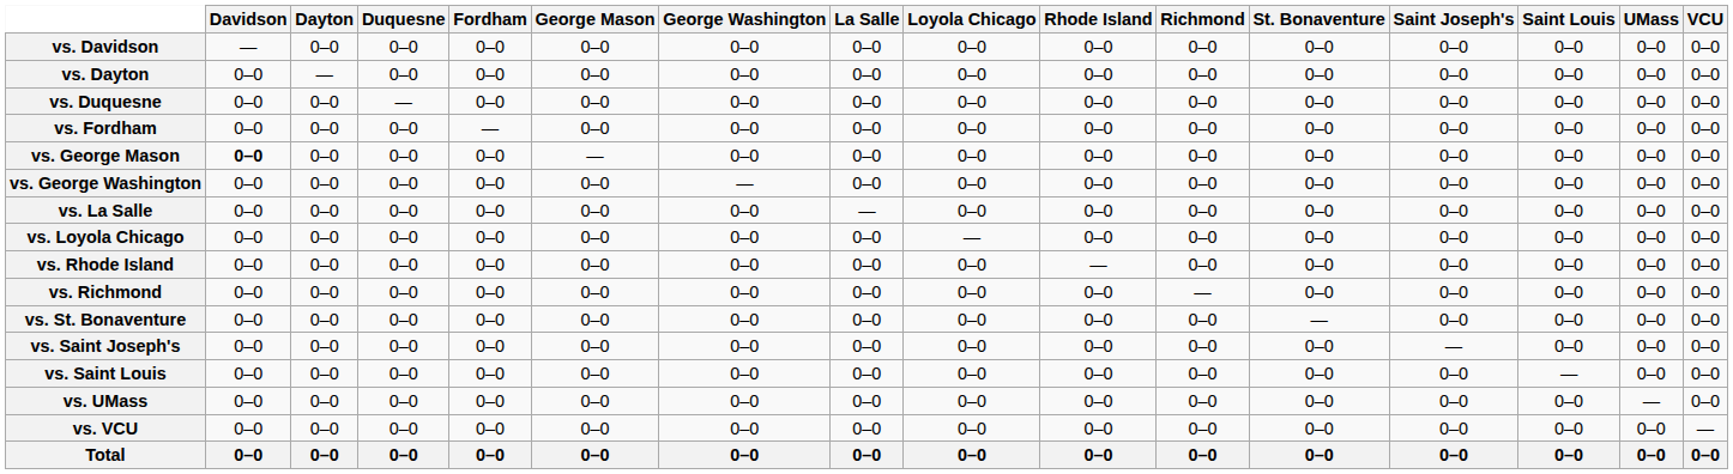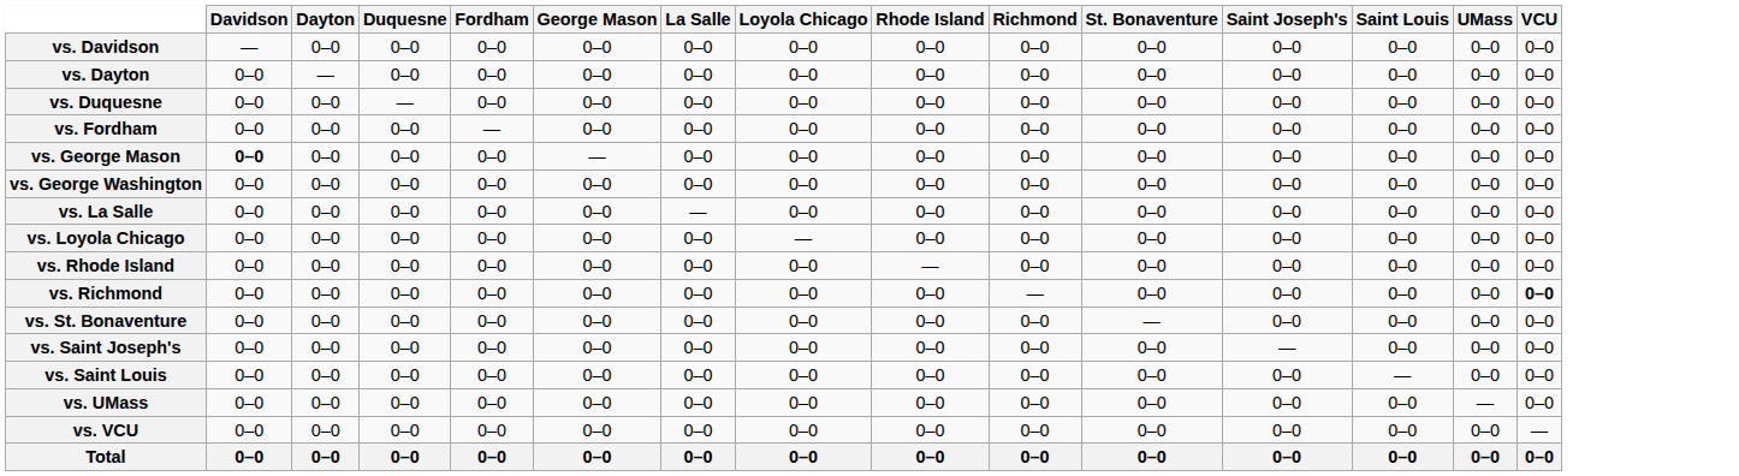 <table class="wikitable" style="white-space:nowrap;font-size:90%;">
 <tr>
 <th colspan="1" style="background:white; border-top-style:hidden; border-left-style:hidden;" width="75"> </th>
 <th>Davidson</th>
 <th>Dayton</th>
 <th>Duquesne</th>
 <th>Fordham</th>
 <th>George Mason</th>
-<th>George Washington</th>
 <th>La Salle</th>
 <th>Loyola Chicago</th>
 <th>Rhode Island</th>
 <th>Richmond</th>
 <th>St. Bonaventure</th>
 <th>Saint Joseph's</th>
 <th>Saint Louis</th>
 <th>UMass</th>
 <th>VCU</th>
 </tr>
 <tr style="text-align:center;">
 <th>vs. Davidson</th>
 <td>—</td>
-<td>0–0</td>
 <td>0–0</td>
 <td>0–0</td>
 <td>0–0</td>
 <td>0–0</td>
 <td>0–0</td>
 <td>0–0</td>
 <td>0–0</td>
 <td>0–0</td>
 <td>0–0</td>
 <td>0–0</td>
 <td>0–0</td>
 <td>0–0</td>
 <td>0–0</td>
 </tr>
 <tr style="text-align:center;">
 <th>vs. Dayton</th>
 <td>0–0</td>
 <td>—</td>
 <td>0–0</td>
 <td>0–0</td>
 <td>0–0</td>
 <td>0–0</td>
 <td>0–0</td>
 <td>0–0</td>
 <td>0–0</td>
 <td>0–0</td>
 <td>0–0</td>
 <td>0–0</td>
 <td>0–0</td>
 <td>0–0</td>
-<td>0–0</td>
 </tr>
 <tr style="text-align:center;">
 <th>vs. Duquesne</th>
 <td>0–0</td>
 <td>0–0</td>
 <td>—</td>
-<td>0–0</td>
 <td>0–0</td>
 <td>0–0</td>
 <td>0–0</td>
 <td>0–0</td>
 <td>0–0</td>
 <td>0–0</td>
 <td>0–0</td>
 <td>0–0</td>
 <td>0–0</td>
 <td>0–0</td>
 <td>0–0</td>
 </tr>
 <tr style="text-align:center;">
 <th>vs. Fordham</th>
 <td>0–0</td>
 <td>0–0</td>
 <td>0–0</td>
 <td>—</td>
 <td>0–0</td>
 <td>0–0</td>
 <td>0–0</td>
 <td>0–0</td>
 <td>0–0</td>
 <td>0–0</td>
 <td>0–0</td>
 <td>0–0</td>
 <td>0–0</td>
 <td>0–0</td>
-<td>0–0</td>
 </tr>
 <tr style="text-align:center;">
 <th>vs. George Mason</th>
 <td><strong>0–0</strong></td>
 <td>0–0</td>
 <td>0–0</td>
 <td>0–0</td>
 <td>—</td>
 <td>0–0</td>
 <td>0–0</td>
 <td>0–0</td>
 <td>0–0</td>
 <td>0–0</td>
 <td>0–0</td>
 <td>0–0</td>
 <td>0–0</td>
 <td>0–0</td>
-<td>0–0</td>
 </tr>
 <tr style="text-align:center;">
 <th>vs. George Washington</th>
 <td>0–0</td>
 <td>0–0</td>
 <td>0–0</td>
 <td>0–0</td>
 <td>0–0</td>
-<td>—</td>
 <td>0–0</td>
 <td>0–0</td>
 <td>0–0</td>
 <td>0–0</td>
 <td>0–0</td>
 <td>0–0</td>
 <td>0–0</td>
 <td>0–0</td>
 <td>0–0</td>
 </tr>
 <tr style="text-align:center;">
 <th>vs. La Salle</th>
-<td>0–0</td>
 <td>0–0</td>
 <td>0–0</td>
 <td>0–0</td>
 <td>0–0</td>
 <td>0–0</td>
 <td>—</td>
 <td>0–0</td>
 <td>0–0</td>
 <td>0–0</td>
 <td>0–0</td>
 <td>0–0</td>
 <td>0–0</td>
 <td>0–0</td>
 <td>0–0</td>
 </tr>
 <tr style="text-align:center;">
 <th>vs. Loyola Chicago</th>
 <td>0–0</td>
 <td>0–0</td>
 <td>0–0</td>
 <td>0–0</td>
 <td>0–0</td>
 <td>0–0</td>
-<td>0–0</td>
 <td>—</td>
 <td>0–0</td>
 <td>0–0</td>
 <td>0–0</td>
 <td>0–0</td>
 <td>0–0</td>
 <td>0–0</td>
 <td>0–0</td>
 </tr>
 <tr style="text-align:center;">
 <th>vs. Rhode Island</th>
-<td>0–0</td>
 <td>0–0</td>
 <td>0–0</td>
 <td>0–0</td>
 <td>0–0</td>
 <td>0–0</td>
 <td>0–0</td>
 <td>0–0</td>
 <td>—</td>
 <td>0–0</td>
 <td>0–0</td>
 <td>0–0</td>
 <td>0–0</td>
 <td>0–0</td>
 <td>0–0</td>
 </tr>
 <tr style="text-align:center;">
 <th>vs. Richmond</th>
 <td>0–0</td>
 <td>0–0</td>
 <td>0–0</td>
 <td>0–0</td>
 <td>0–0</td>
 <td>0–0</td>
 <td>0–0</td>
 <td>0–0</td>
-<td>0–0</td>
 <td>—</td>
 <td>0–0</td>
 <td>0–0</td>
 <td>0–0</td>
 <td>0–0</td>
-<td>0–0</td>
+<td><strong>0–0</strong></td>
 </tr>
 <tr style="text-align:center;">
 <th>vs. St. Bonaventure</th>
-<td>0–0</td>
 <td>0–0</td>
 <td>0–0</td>
 <td>0–0</td>
 <td>0–0</td>
 <td>0–0</td>
 <td>0–0</td>
 <td>0–0</td>
 <td>0–0</td>
 <td>0–0</td>
 <td>—</td>
 <td>0–0</td>
 <td>0–0</td>
 <td>0–0</td>
 <td>0–0</td>
 </tr>
 <tr style="text-align:center;">
 <th>vs. Saint Joseph's</th>
 <td>0–0</td>
 <td>0–0</td>
 <td>0–0</td>
 <td>0–0</td>
 <td>0–0</td>
 <td>0–0</td>
 <td>0–0</td>
 <td>0–0</td>
 <td>0–0</td>
 <td>0–0</td>
-<td>0–0</td>
 <td>—</td>
 <td>0–0</td>
 <td>0–0</td>
 <td>0–0</td>
 </tr>
 <tr style="text-align:center;">
 <th>vs. Saint Louis</th>
-<td>0–0</td>
 <td>0–0</td>
 <td>0–0</td>
 <td>0–0</td>
 <td>0–0</td>
 <td>0–0</td>
 <td>0–0</td>
 <td>0–0</td>
 <td>0–0</td>
 <td>0–0</td>
 <td>0–0</td>
 <td>0–0</td>
 <td>—</td>
 <td>0–0</td>
 <td>0–0</td>
 </tr>
 <tr style="text-align:center;">
 <th>vs. UMass</th>
 <td>0–0</td>
 <td>0–0</td>
 <td>0–0</td>
 <td>0–0</td>
 <td>0–0</td>
 <td>0–0</td>
 <td>0–0</td>
 <td>0–0</td>
 <td>0–0</td>
 <td>0–0</td>
 <td>0–0</td>
 <td>0–0</td>
-<td>0–0</td>
 <td>—</td>
 <td>0–0</td>
 </tr>
 <tr style="text-align:center;">
 <th>vs. VCU</th>
-<td>0–0</td>
 <td>0–0</td>
 <td>0–0</td>
 <td>0–0</td>
 <td>0–0</td>
 <td>0–0</td>
 <td>0–0</td>
 <td>0–0</td>
 <td>0–0</td>
 <td>0–0</td>
 <td>0–0</td>
 <td>0–0</td>
 <td>0–0</td>
 <td>0–0</td>
 <td>—</td>
 </tr>
 <tr style="text-align:center;">
 <th>Total</th>
 <th>0–0</th>
 <th>0–0</th>
 <th>0–0</th>
 <th>0–0</th>
 <th>0–0</th>
 <th>0–0</th>
 <th>0–0</th>
 <th>0–0</th>
 <th>0–0</th>
 <th>0–0</th>
 <th>0–0</th>
 <th>0–0</th>
 <th>0–0</th>
 <th>0–0</th>
-<th>0–0</th>
 </tr>
 </table>
